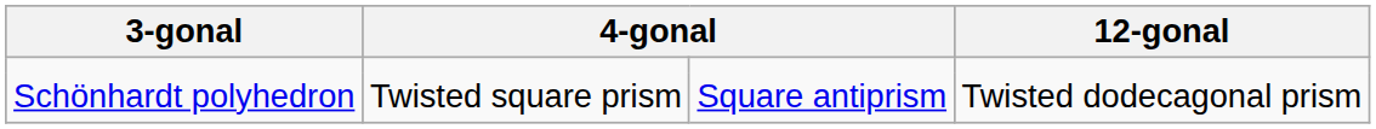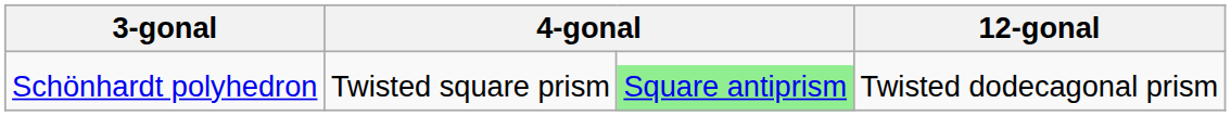 <table class=wikitable style="text-align:center; border:none">
 <tr>
 <th>3-gonal</th>
 <th colspan=2>4-gonal</th>
 <th>12-gonal</th>
 </tr>
 <tr>
 <td style="border-bottom:none"></td>
 <td style="border-bottom:none"></td>
 <td style="border-bottom:none"></td>
 <td style="border-bottom:none"></td>
 </tr>
 <tr>
 <td style="border-top:none"><a href='#'>Schönhardt polyhedron</a></td>
 <td style="border-top:none">Twisted square prism</td>
-<td style="border-top:none"><a href='#'>Square antiprism</a></td>
+<td style="background: lightgreen; border-top:none"><a href='#'>Square antiprism</a></td>
 <td style="border-top:none">Twisted dodecagonal prism</td>
 </tr>
 </table>
